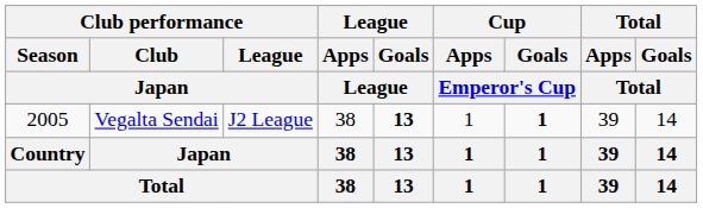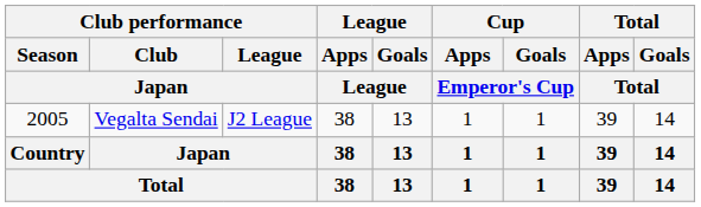 <table class="wikitable" style="text-align:center;">
 <tr>
 <th colspan=3>Club performance</th>
 <th colspan=2>League</th>
 <th colspan=2>Cup</th>
 <th colspan=2>Total</th>
 </tr>
 <tr>
 <th>Season</th>
 <th>Club</th>
 <th>League</th>
 <th>Apps</th>
 <th>Goals</th>
 <th>Apps</th>
 <th>Goals</th>
 <th>Apps</th>
 <th>Goals</th>
 </tr>
 <tr>
 <th colspan=3>Japan</th>
 <th colspan=2>League</th>
 <th colspan=2><a href='#'>Emperor's Cup</a></th>
 <th colspan=2>Total</th>
 </tr>
 <tr>
 <td>2005</td>
 <td><a href='#'>Vegalta Sendai</a></td>
 <td><a href='#'>J2 League</a></td>
 <td>38</td>
-<td><strong>13</strong></td>
+<td>13</td>
 <td>1</td>
-<td><strong>1</strong></td>
+<td>1</td>
 <td>39</td>
 <td>14</td>
 </tr>
 <tr>
 <th rowspan=1>Country</th>
 <th colspan=2>Japan</th>
 <th>38</th>
 <th>13</th>
 <th>1</th>
 <th>1</th>
 <th>39</th>
 <th>14</th>
 </tr>
 <tr>
 <th colspan=3>Total</th>
 <th>38</th>
 <th>13</th>
 <th>1</th>
 <th>1</th>
 <th>39</th>
 <th>14</th>
 </tr>
 </table>
